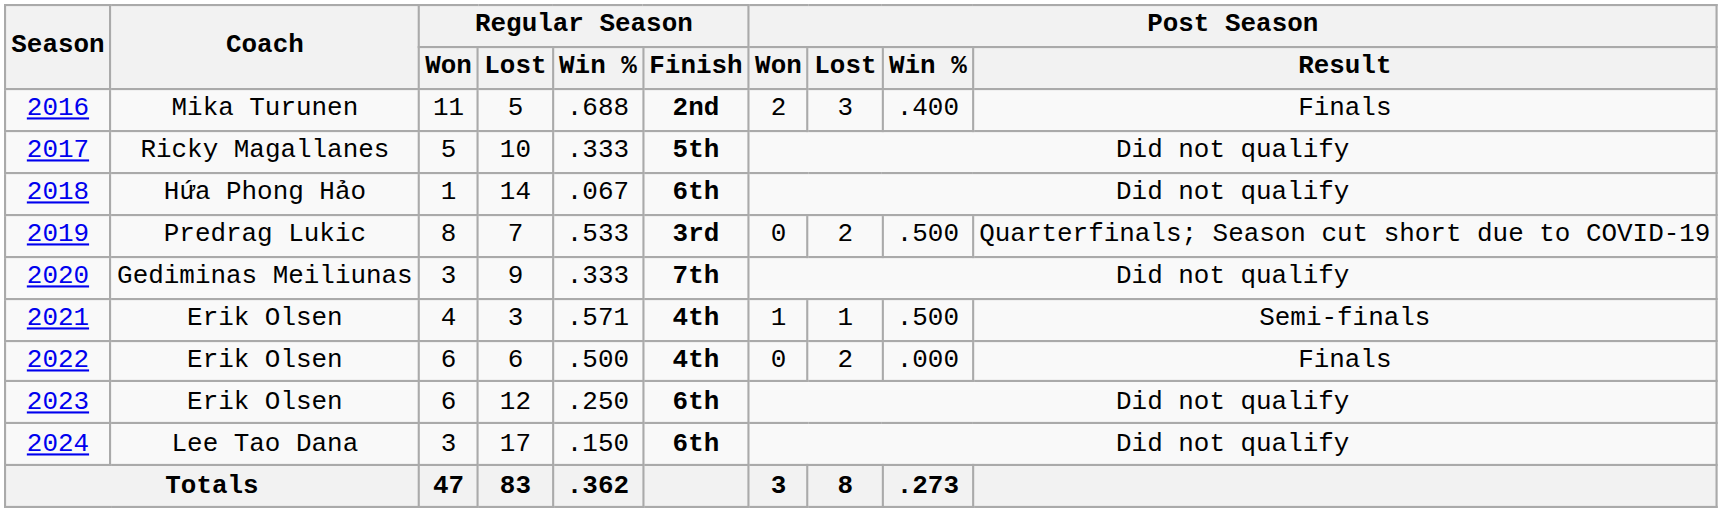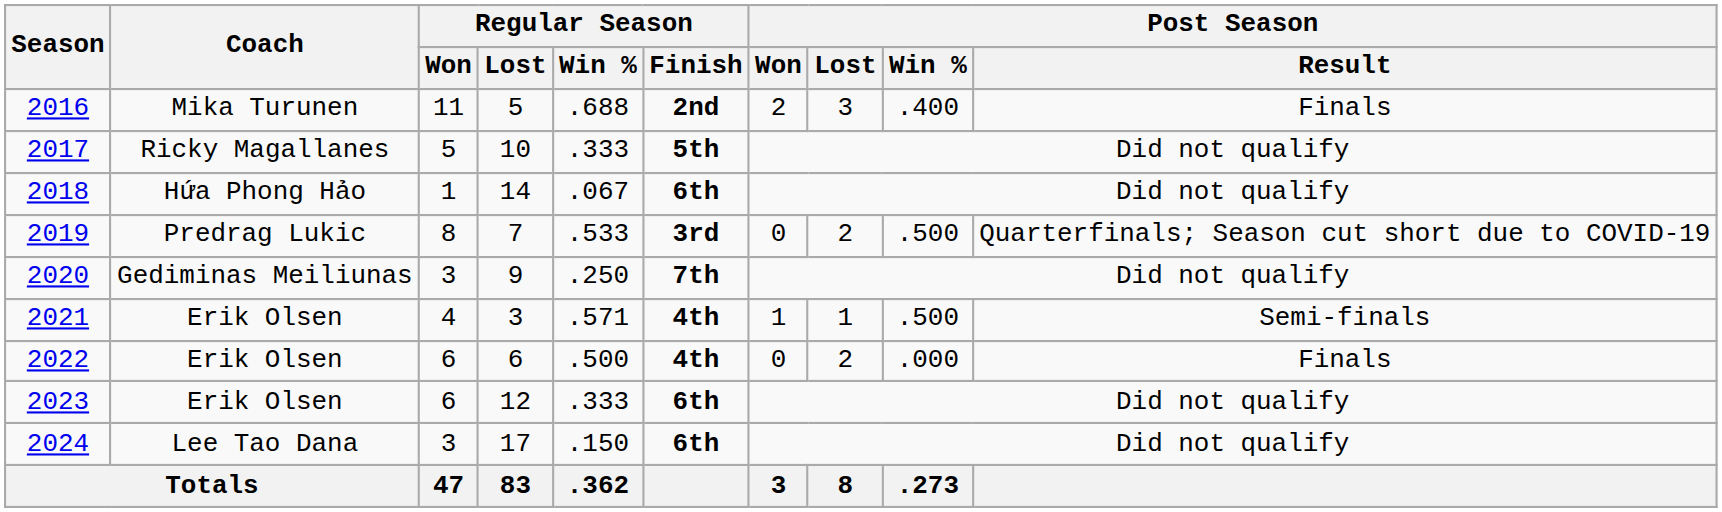 <table class="wikitable" style="font-size: 95%; text-align:center;">
 <tr>
 <th rowspan="2">Season</th>
 <th rowspan="2">Coach</th>
 <th colspan="4">Regular Season</th>
 <th colspan="4">Post Season</th>
 </tr>
 <tr>
 <th>Won</th>
 <th>Lost</th>
 <th>Win %</th>
 <th>Finish</th>
 <th>Won</th>
 <th>Lost</th>
 <th>Win %</th>
 <th>Result</th>
 </tr>
 <tr>
 <td><a href='#'>2016</a></td>
 <td>Mika Turunen</td>
 <td>11</td>
 <td>5</td>
 <td>.688</td>
 <td><strong>2nd</strong></td>
 <td>2</td>
 <td>3</td>
 <td>.400</td>
 <td>Finals</td>
 </tr>
 <tr>
 <td><a href='#'>2017</a></td>
 <td>Ricky Magallanes</td>
 <td>5</td>
 <td>10</td>
 <td>.333</td>
 <td><strong>5th</strong></td>
 <td colspan="4">Did not qualify</td>
 </tr>
 <tr>
 <td><a href='#'>2018</a></td>
 <td>Hứa Phong Hảo</td>
 <td>1</td>
 <td>14</td>
 <td>.067</td>
 <td><strong>6th</strong></td>
 <td colspan="4">Did not qualify</td>
 </tr>
 <tr>
 <td><a href='#'>2019</a></td>
 <td>Predrag Lukic</td>
 <td>8</td>
 <td>7</td>
 <td>.533</td>
 <td><strong>3rd</strong></td>
 <td>0</td>
 <td>2</td>
 <td>.500</td>
 <td>Quarterfinals; Season cut short due to COVID-19</td>
 </tr>
 <tr>
 <td><a href='#'>2020</a></td>
 <td>Gediminas Meiliunas</td>
 <td>3</td>
 <td>9</td>
-<td>.333</td>
+<td>.250</td>
 <td><strong>7th</strong></td>
 <td colspan="4">Did not qualify</td>
 </tr>
 <tr>
 <td><a href='#'>2021</a></td>
 <td>Erik Olsen</td>
 <td>4</td>
 <td>3</td>
 <td>.571</td>
 <td><strong>4th</strong></td>
 <td>1</td>
 <td>1</td>
 <td>.500</td>
 <td>Semi-finals</td>
 </tr>
 <tr>
 <td><a href='#'>2022</a></td>
 <td>Erik Olsen</td>
 <td>6</td>
 <td>6</td>
 <td>.500</td>
 <td><strong>4th</strong></td>
 <td>0</td>
 <td>2</td>
 <td>.000</td>
 <td>Finals</td>
 </tr>
 <tr>
 <td><a href='#'>2023</a></td>
 <td>Erik Olsen</td>
 <td>6</td>
 <td>12</td>
-<td>.250</td>
+<td>.333</td>
 <td><strong>6th</strong></td>
 <td colspan="4">Did not qualify</td>
 </tr>
 <tr>
 <td><a href='#'>2024</a></td>
 <td>Lee Tao Dana</td>
 <td>3</td>
 <td>17</td>
 <td>.150</td>
 <td><strong>6th</strong></td>
 <td colspan="4">Did not qualify</td>
 </tr>
 <tr>
 <th colspan="2">Totals</th>
 <th>47</th>
 <th>83</th>
 <th>.362</th>
 <th></th>
 <th>3</th>
 <th>8</th>
 <th>.273</th>
 <th></th>
 </tr>
 </table>
